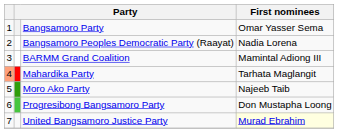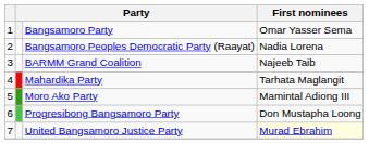 <table class="wikitable left sortable" border="1">
 <tr>
 <th width=3px></th>
 <th colspan="2">Party</th>
 <th>First nominees</th>
 </tr>
 <tr>
 <td align=center>1</td>
 <th style="background:"></th>
 <td><a href='#'>Bangsamoro Party</a></td>
 <td>Omar Yasser Sema</td>
 </tr>
 <tr>
 <td align=center>2</td>
 <th style="background:#FFFFFF;"></th>
 <td><a href='#'>Bangsamoro Peoples Democratic Party</a> (Raayat)</td>
 <td>Nadia Lorena</td>
 </tr>
 <tr>
 <td align=center>3</td>
 <td bgcolor="#FFFFFF"></td>
 <td><a href='#'>BARMM Grand Coalition</a></td>
-<td>Mamintal Adiong III</td>
+<td>Najeeb Taib</td>
 </tr>
 <tr>
-<td align=center style="background: lightsalmon;">4</td>
+<td align=center>4</td>
 <th style="background:red;"></th>
 <td><a href='#'>Mahardika Party</a></td>
 <td>Tarhata Maglangit</td>
 </tr>
 <tr>
 <td align=center>5</td>
 <td width=3px bgcolor="#2F9E0B"></td>
 <td><a href='#'>Moro Ako Party</a></td>
-<td>Najeeb Taib</td>
+<td>Mamintal Adiong III</td>
 </tr>
 <tr>
 <td align=center>6</td>
 <td bgcolor="#46C63F"></td>
 <td><a href='#'>Progresibong Bangsamoro Party</a></td>
 <td>Don Mustapha Loong</td>
 </tr>
 <tr>
 <td align=center>7</td>
 <td></td>
 <td><a href='#'>United Bangsamoro Justice Party</a></td>
 <td style="background: lightyellow;"><a href='#'>Murad Ebrahim</a></td>
 </tr>
 <tr>
 </tr>
 </table>
